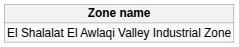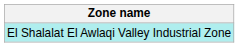 <table class="wikitable">
 <tr>
 <th>Zone name</th>
 </tr>
 <tr>
-<td rowspan="1">El Shalalat El Awlaqi Valley Industrial Zone</td>
+<td rowspan="1" style="background: paleturquoise;">El Shalalat El Awlaqi Valley Industrial Zone</td>
 </tr>
 </table>
